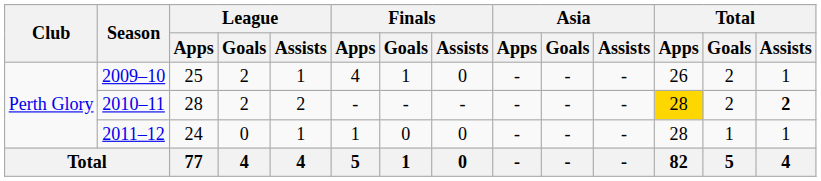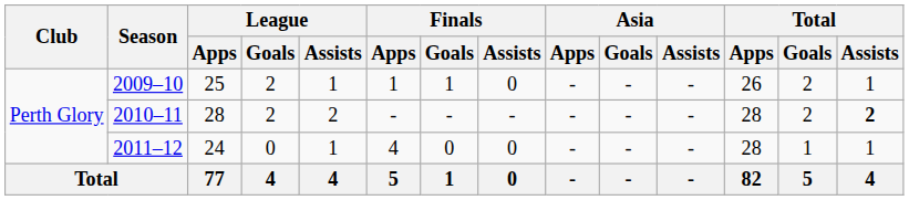 <table class="wikitable" style="text-align: center;">
 <tr>
 <th rowspan="2">Club</th>
 <th rowspan="2">Season</th>
 <th colspan="3">League</th>
 <th colspan="3">Finals</th>
 <th colspan="3">Asia</th>
 <th colspan="3">Total</th>
 </tr>
 <tr>
 <th>Apps</th>
 <th>Goals</th>
 <th>Assists</th>
 <th>Apps</th>
 <th>Goals</th>
 <th>Assists</th>
 <th>Apps</th>
 <th>Goals</th>
 <th>Assists</th>
 <th>Apps</th>
 <th>Goals</th>
 <th>Assists</th>
 </tr>
 <tr>
 <td rowspan="3" valign="center"><a href='#'>Perth Glory</a></td>
 <td><a href='#'>2009–10</a></td>
 <td>25</td>
 <td>2</td>
 <td>1</td>
-<td>4</td>
+<td>1</td>
 <td>1</td>
 <td>0</td>
 <td>-</td>
 <td>-</td>
 <td>-</td>
 <td>26</td>
 <td>2</td>
 <td>1</td>
 </tr>
 <tr>
 <td><a href='#'>2010–11</a></td>
 <td>28</td>
 <td>2</td>
 <td>2</td>
 <td>-</td>
 <td>-</td>
 <td>-</td>
 <td>-</td>
 <td>-</td>
 <td>-</td>
-<td style="background: gold;">28</td>
+<td>28</td>
 <td>2</td>
 <td><strong>2</strong></td>
 </tr>
 <tr>
 <td><a href='#'>2011–12</a></td>
 <td>24</td>
 <td>0</td>
 <td>1</td>
-<td>1</td>
+<td>4</td>
 <td>0</td>
 <td>0</td>
 <td>-</td>
 <td>-</td>
 <td>-</td>
 <td>28</td>
 <td>1</td>
 <td>1</td>
 </tr>
 <tr>
 <th colspan="2">Total</th>
 <th>77</th>
 <th>4</th>
 <th>4</th>
 <th>5</th>
 <th>1</th>
 <th>0</th>
 <th>-</th>
 <th>-</th>
 <th>-</th>
 <th>82</th>
 <th>5</th>
 <th>4</th>
 </tr>
 </table>
